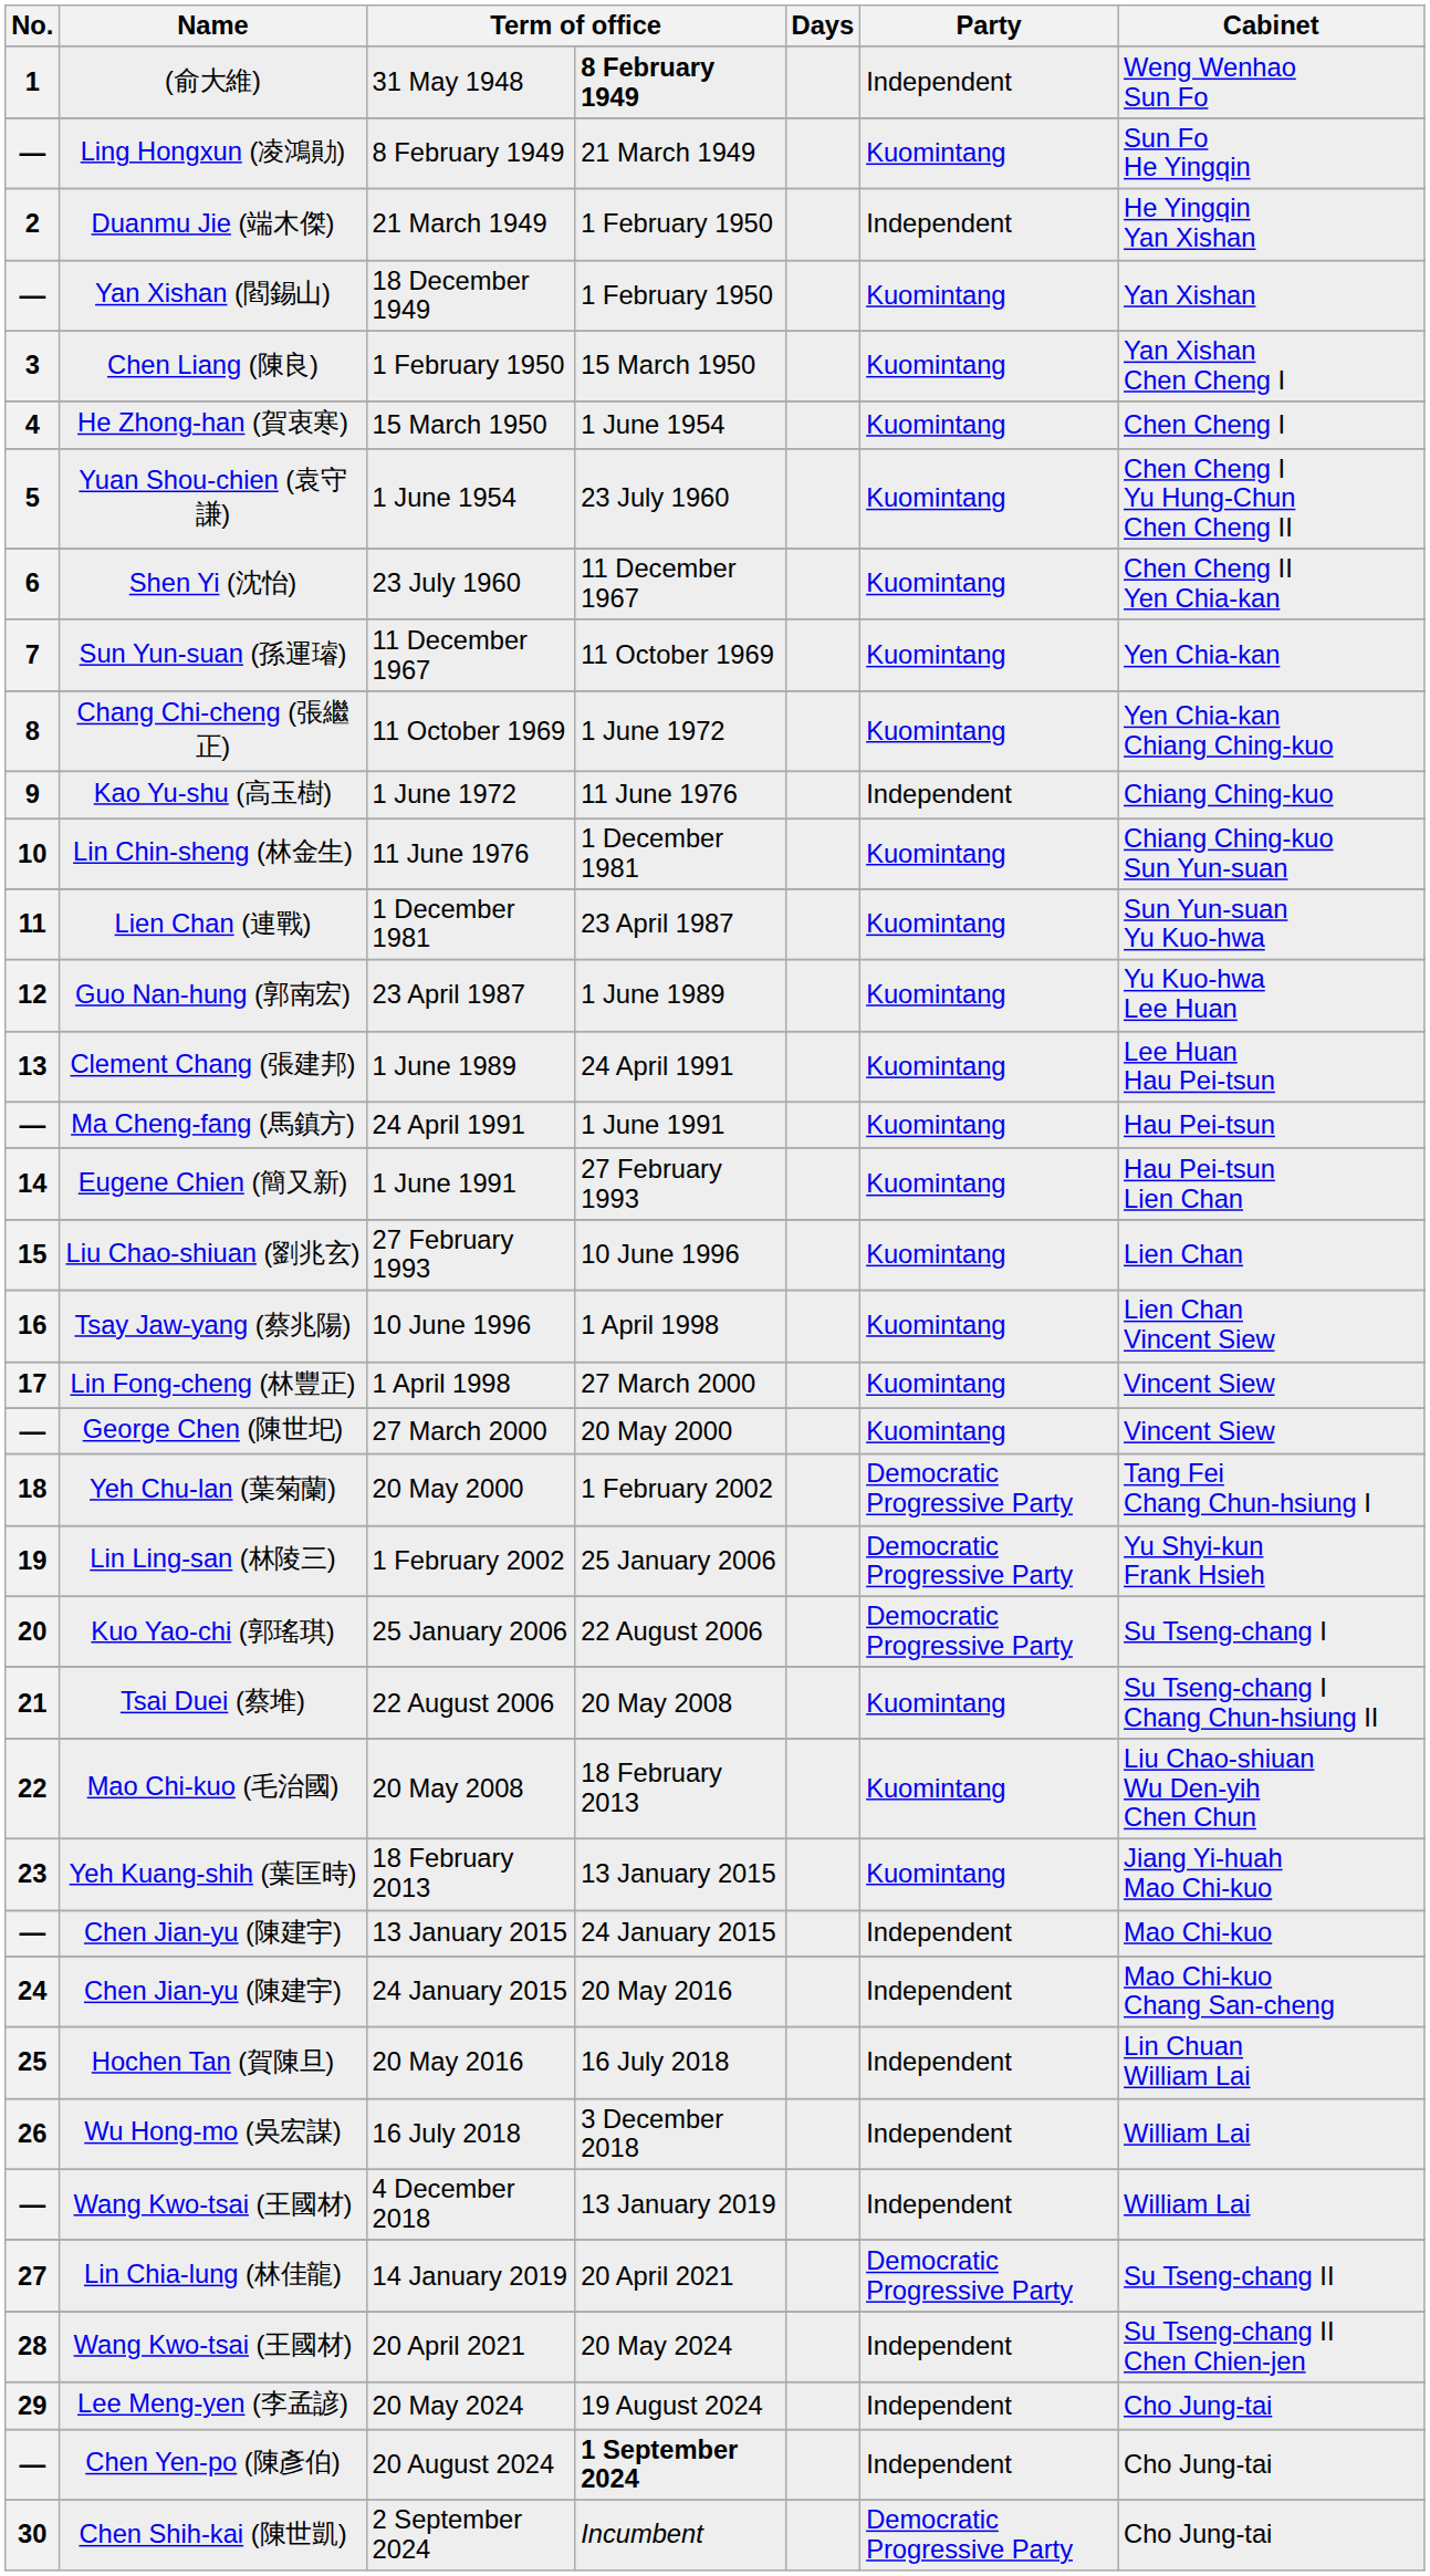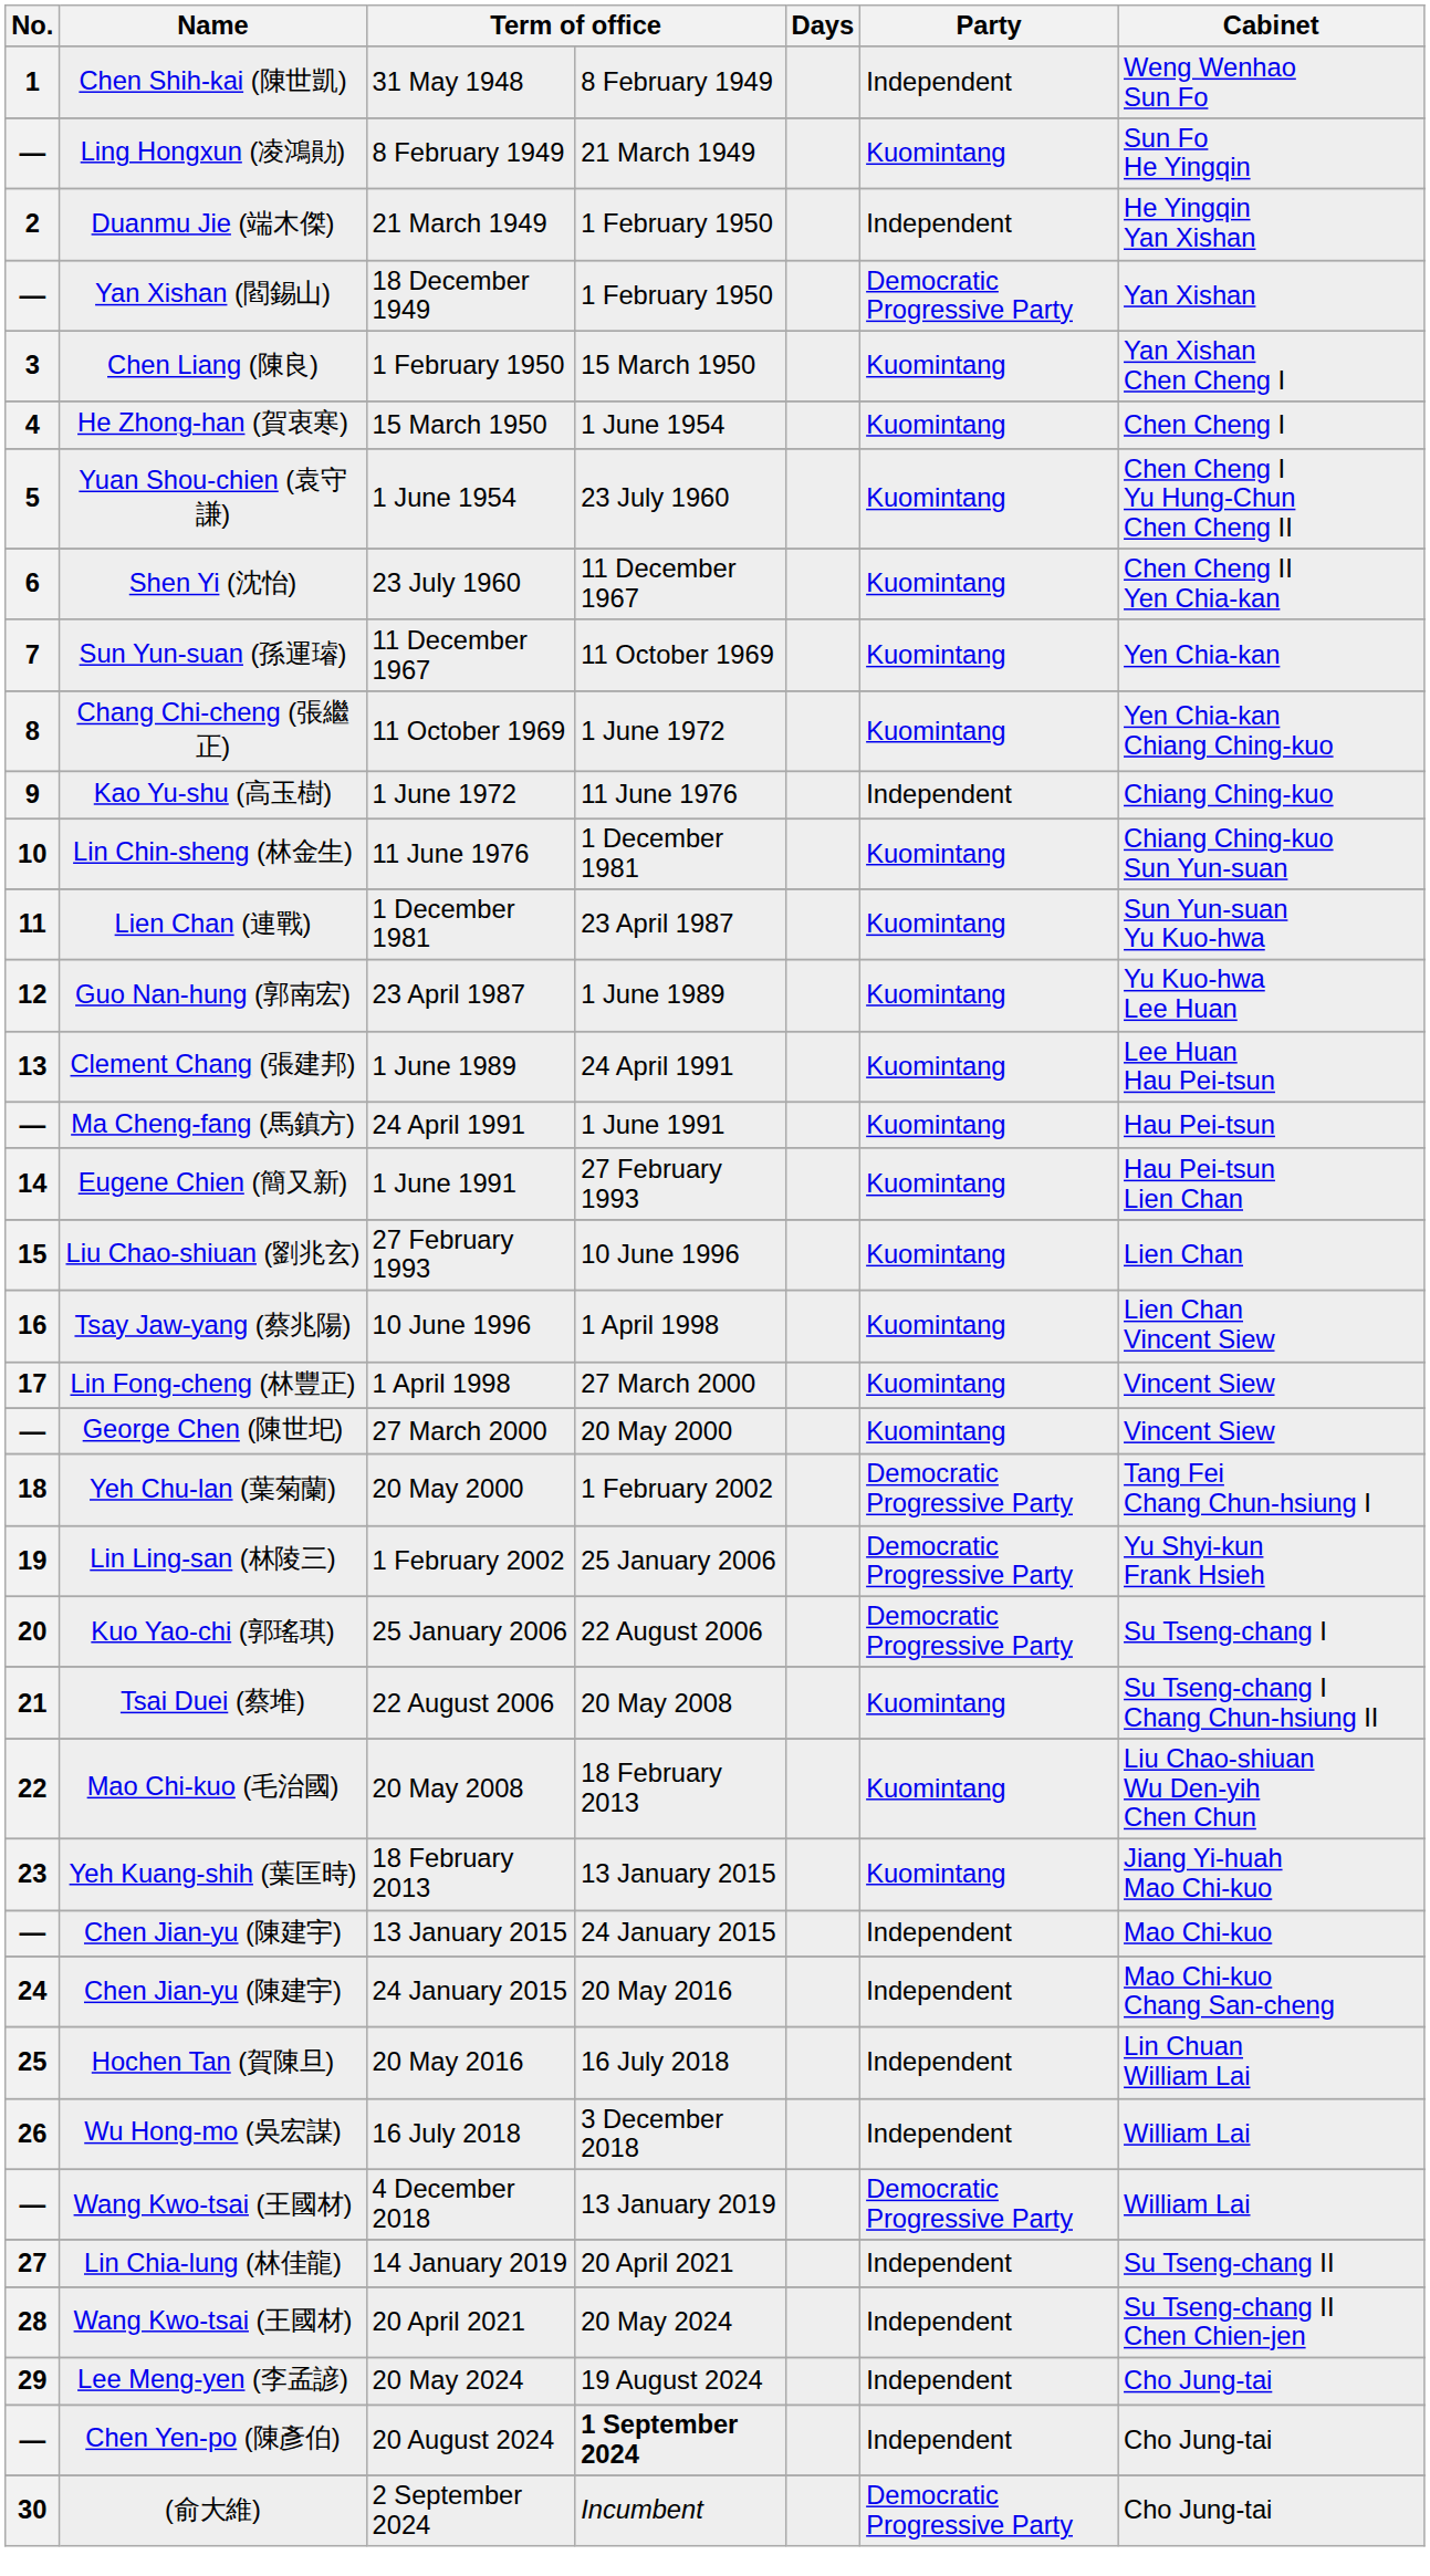 <table class="wikitable">
 <tr ->
 <th>No.</th>
 <th width="180">Name</th>
 <th colspan=2 width="180">Term of office</th>
 <th>Days</th>
 <th width="150">Party</th>
 <th width="180">Cabinet</th>
 </tr>
 <tr ->
 </tr>
 <tr - bgcolor=#EEEEEE>
 <th style="background:">1</th>
-<td align=center> (俞大維)</td>
+<td align=center><a href='#'>Chen Shih-kai</a> (陳世凱)</td>
 <td>31 May 1948</td>
-<td><strong>8 February 1949</strong></td>
+<td>8 February 1949</td>
 <td></td>
 <td>Independent</td>
 <td><a href='#'>Weng Wenhao</a><br><a href='#'>Sun Fo</a></td>
 </tr>
 <tr ->
 </tr>
 <tr - bgcolor=#EEEEEE>
 <th style="background:">—</th>
 <td align=center><a href='#'>Ling Hongxun</a> (凌鴻勛)</td>
 <td>8 February 1949</td>
 <td>21 March 1949</td>
 <td></td>
 <td><a href='#'>Kuomintang</a></td>
 <td><a href='#'>Sun Fo</a><br><a href='#'>He Yingqin</a></td>
 </tr>
 <tr ->
 </tr>
 <tr - bgcolor=#EEEEEE>
 <th style="background:">2</th>
 <td align=center><a href='#'>Duanmu Jie</a> (端木傑)</td>
 <td>21 March 1949</td>
 <td>1 February 1950</td>
 <td></td>
 <td>Independent</td>
 <td><a href='#'>He Yingqin</a><br><a href='#'>Yan Xishan</a></td>
 </tr>
 <tr ->
 </tr>
 <tr - bgcolor=#EEEEEE>
 <th style="background:">—</th>
 <td align=center><a href='#'>Yan Xishan</a> (閻錫山)</td>
 <td>18 December 1949</td>
 <td>1 February 1950</td>
 <td></td>
-<td><a href='#'>Kuomintang</a></td>
+<td><a href='#'>Democratic Progressive Party</a></td>
 <td><a href='#'>Yan Xishan</a></td>
 </tr>
 <tr ->
 </tr>
 <tr - bgcolor=#EEEEEE>
 <th style="background:">3</th>
 <td align=center><a href='#'>Chen Liang</a> (陳良)</td>
 <td>1 February 1950</td>
 <td>15 March 1950</td>
 <td></td>
 <td><a href='#'>Kuomintang</a></td>
 <td><a href='#'>Yan Xishan</a><br><a href='#'>Chen Cheng</a> I</td>
 </tr>
 <tr ->
 </tr>
 <tr - bgcolor=#EEEEEE>
 <th style="background:">4</th>
 <td align=center><a href='#'>He Zhong-han</a> (賀衷寒)</td>
 <td>15 March 1950</td>
 <td>1 June 1954</td>
 <td></td>
 <td><a href='#'>Kuomintang</a></td>
 <td><a href='#'>Chen Cheng</a> I</td>
 </tr>
 <tr ->
 </tr>
 <tr - bgcolor=#EEEEEE>
 <th style="background:">5</th>
 <td align=center><a href='#'>Yuan Shou-chien</a> (袁守謙)</td>
 <td>1 June 1954</td>
 <td>23 July 1960</td>
 <td></td>
 <td><a href='#'>Kuomintang</a></td>
 <td><a href='#'>Chen Cheng</a> I<br><a href='#'>Yu Hung-Chun</a><br><a href='#'>Chen Cheng</a> II</td>
 </tr>
 <tr ->
 </tr>
 <tr - bgcolor=#EEEEEE>
 <th style="background:">6</th>
 <td align=center><a href='#'>Shen Yi</a> (沈怡)</td>
 <td>23 July 1960</td>
 <td>11 December 1967</td>
 <td></td>
 <td><a href='#'>Kuomintang</a></td>
 <td><a href='#'>Chen Cheng</a> II<br><a href='#'>Yen Chia-kan</a></td>
 </tr>
 <tr ->
 </tr>
 <tr - bgcolor=#EEEEEE>
 <th style="background:">7</th>
 <td align=center><a href='#'>Sun Yun-suan</a> (孫運璿)</td>
 <td>11 December 1967</td>
 <td>11 October 1969</td>
 <td></td>
 <td><a href='#'>Kuomintang</a></td>
 <td><a href='#'>Yen Chia-kan</a></td>
 </tr>
 <tr ->
 </tr>
 <tr - bgcolor=#EEEEEE>
 <th style="background:">8</th>
 <td align=center><a href='#'>Chang Chi-cheng</a> (張繼正)</td>
 <td>11 October 1969</td>
 <td>1 June 1972</td>
 <td></td>
 <td><a href='#'>Kuomintang</a></td>
 <td><a href='#'>Yen Chia-kan</a><br><a href='#'>Chiang Ching-kuo</a></td>
 </tr>
 <tr ->
 </tr>
 <tr - bgcolor=#EEEEEE>
 <th style="background:">9</th>
 <td align=center><a href='#'>Kao Yu-shu</a> (高玉樹)</td>
 <td>1 June 1972</td>
 <td>11 June 1976</td>
 <td></td>
 <td>Independent</td>
 <td><a href='#'>Chiang Ching-kuo</a></td>
 </tr>
 <tr ->
 </tr>
 <tr - bgcolor=#EEEEEE>
 <th style="background:">10</th>
 <td align=center><a href='#'>Lin Chin-sheng</a> (林金生)</td>
 <td>11 June 1976</td>
 <td>1 December 1981</td>
 <td></td>
 <td><a href='#'>Kuomintang</a></td>
 <td><a href='#'>Chiang Ching-kuo</a><br><a href='#'>Sun Yun-suan</a></td>
 </tr>
 <tr ->
 </tr>
 <tr - bgcolor=#EEEEEE>
 <th style="background:">11</th>
 <td align=center><a href='#'>Lien Chan</a> (連戰)</td>
 <td>1 December 1981</td>
 <td>23 April 1987</td>
 <td></td>
 <td><a href='#'>Kuomintang</a></td>
 <td><a href='#'>Sun Yun-suan</a><br><a href='#'>Yu Kuo-hwa</a></td>
 </tr>
 <tr ->
 </tr>
 <tr - bgcolor=#EEEEEE>
 <th style="background:">12</th>
 <td align=center><a href='#'>Guo Nan-hung</a> (郭南宏)</td>
 <td>23 April 1987</td>
 <td>1 June 1989</td>
 <td></td>
 <td><a href='#'>Kuomintang</a></td>
 <td><a href='#'>Yu Kuo-hwa</a><br><a href='#'>Lee Huan</a></td>
 </tr>
 <tr ->
 </tr>
 <tr - bgcolor=#EEEEEE>
 <th style="background:">13</th>
 <td align=center><a href='#'>Clement Chang</a> (張建邦)</td>
 <td>1 June 1989</td>
 <td>24 April 1991</td>
 <td></td>
 <td><a href='#'>Kuomintang</a></td>
 <td><a href='#'>Lee Huan</a><br><a href='#'>Hau Pei-tsun</a></td>
 </tr>
 <tr ->
 </tr>
 <tr - bgcolor=#EEEEEE>
 <th style="background:">—</th>
 <td align=center><a href='#'>Ma Cheng-fang</a> (馬鎮方)</td>
 <td>24 April 1991</td>
 <td>1 June 1991</td>
 <td></td>
 <td><a href='#'>Kuomintang</a></td>
 <td><a href='#'>Hau Pei-tsun</a></td>
 </tr>
 <tr ->
 </tr>
 <tr - bgcolor=#EEEEEE>
 <th style="background:">14</th>
 <td align=center><a href='#'>Eugene Chien</a> (簡又新)</td>
 <td>1 June 1991</td>
 <td>27 February 1993</td>
 <td></td>
 <td><a href='#'>Kuomintang</a></td>
 <td><a href='#'>Hau Pei-tsun</a><br><a href='#'>Lien Chan</a></td>
 </tr>
 <tr ->
 </tr>
 <tr - bgcolor=#EEEEEE>
 <th style="background:">15</th>
 <td align=center><a href='#'>Liu Chao-shiuan</a> (劉兆玄)</td>
 <td>27 February 1993</td>
 <td>10  June 1996</td>
 <td></td>
 <td><a href='#'>Kuomintang</a></td>
 <td><a href='#'>Lien Chan</a></td>
 </tr>
 <tr ->
 </tr>
 <tr - bgcolor=#EEEEEE>
 <th style="background:">16</th>
 <td align=center><a href='#'>Tsay Jaw-yang</a> (蔡兆陽)</td>
 <td>10 June 1996</td>
 <td>1 April 1998</td>
 <td></td>
 <td><a href='#'>Kuomintang</a></td>
 <td><a href='#'>Lien Chan</a><br><a href='#'>Vincent Siew</a></td>
 </tr>
 <tr ->
 </tr>
 <tr - bgcolor=#EEEEEE>
 <th style="background:">17</th>
 <td align=center><a href='#'>Lin Fong-cheng</a> (林豐正)</td>
 <td>1 April 1998</td>
 <td>27 March 2000</td>
 <td></td>
 <td><a href='#'>Kuomintang</a></td>
 <td><a href='#'>Vincent Siew</a></td>
 </tr>
 <tr ->
 </tr>
 <tr - bgcolor=#EEEEEE>
 <th style="background:">—</th>
 <td align=center><a href='#'>George Chen</a> (陳世圯)</td>
 <td>27 March 2000</td>
 <td>20 May 2000</td>
 <td></td>
 <td><a href='#'>Kuomintang</a></td>
 <td><a href='#'>Vincent Siew</a></td>
 </tr>
 <tr ->
 </tr>
 <tr - bgcolor=#EEEEEE>
 <th style="background:">18</th>
 <td align=center><a href='#'>Yeh Chu-lan</a> (葉菊蘭)</td>
 <td>20 May 2000</td>
 <td>1 February 2002</td>
 <td></td>
 <td><a href='#'>Democratic Progressive Party</a></td>
 <td><a href='#'>Tang Fei</a><br><a href='#'>Chang Chun-hsiung</a> I</td>
 </tr>
 <tr ->
 </tr>
 <tr - bgcolor=#EEEEEE>
 <th style="background:">19</th>
 <td align=center><a href='#'>Lin Ling-san</a> (林陵三)</td>
 <td>1 February 2002</td>
 <td>25 January 2006</td>
 <td></td>
 <td><a href='#'>Democratic Progressive Party</a></td>
 <td><a href='#'>Yu Shyi-kun</a><br><a href='#'>Frank Hsieh</a></td>
 </tr>
 <tr ->
 </tr>
 <tr - bgcolor=#EEEEEE>
 <th style="background:">20</th>
 <td align=center><a href='#'>Kuo Yao-chi</a> (郭瑤琪)</td>
 <td>25 January 2006</td>
 <td>22 August 2006</td>
 <td></td>
 <td><a href='#'>Democratic Progressive Party</a></td>
 <td><a href='#'>Su Tseng-chang</a> I</td>
 </tr>
 <tr ->
 </tr>
 <tr - bgcolor=#EEEEEE>
 <th style="background:">21</th>
 <td align=center><a href='#'>Tsai Duei</a> (蔡堆)</td>
 <td>22 August 2006</td>
 <td>20 May 2008</td>
 <td></td>
 <td><a href='#'>Kuomintang</a></td>
 <td><a href='#'>Su Tseng-chang</a> I<br><a href='#'>Chang Chun-hsiung</a> II</td>
 </tr>
 <tr ->
 </tr>
 <tr - bgcolor=#EEEEEE>
 <th style="background:">22</th>
 <td align=center><a href='#'>Mao Chi-kuo</a> (毛治國)</td>
 <td>20 May 2008</td>
 <td>18 February 2013</td>
 <td></td>
 <td><a href='#'>Kuomintang</a></td>
 <td><a href='#'>Liu Chao-shiuan</a><br><a href='#'>Wu Den-yih</a><br><a href='#'>Chen Chun</a></td>
 </tr>
 <tr ->
 </tr>
 <tr - bgcolor=#EEEEEE>
 <th style="background:">23</th>
 <td align=center><a href='#'>Yeh Kuang-shih</a> (葉匡時)</td>
 <td>18 February 2013</td>
 <td>13 January 2015</td>
 <td></td>
 <td><a href='#'>Kuomintang</a></td>
 <td><a href='#'>Jiang Yi-huah</a><br><a href='#'>Mao Chi-kuo</a></td>
 </tr>
 <tr ->
 </tr>
 <tr - bgcolor=#EEEEEE>
 <th style="background:">—</th>
 <td align=center><a href='#'>Chen Jian-yu</a> (陳建宇)</td>
 <td>13 January 2015</td>
 <td>24 January 2015</td>
 <td></td>
 <td>Independent</td>
 <td><a href='#'>Mao Chi-kuo</a></td>
 </tr>
 <tr ->
 </tr>
 <tr - bgcolor=#EEEEEE>
 <th style="background:">24</th>
 <td align=center><a href='#'>Chen Jian-yu</a> (陳建宇)</td>
 <td>24 January 2015</td>
 <td>20 May 2016</td>
 <td></td>
 <td>Independent</td>
 <td><a href='#'>Mao Chi-kuo</a><br><a href='#'>Chang San-cheng</a></td>
 </tr>
 <tr ->
 </tr>
 <tr - bgcolor=#EEEEEE>
 <th style="background:">25</th>
 <td align=center><a href='#'>Hochen Tan</a> (賀陳旦)</td>
 <td>20 May 2016</td>
 <td>16 July 2018</td>
 <td></td>
 <td>Independent</td>
 <td><a href='#'>Lin Chuan</a><br><a href='#'>William Lai</a></td>
 </tr>
 <tr ->
 </tr>
 <tr - bgcolor=#EEEEEE>
 <th style="background:">26</th>
 <td align=center><a href='#'>Wu Hong-mo</a> (吳宏謀)</td>
 <td>16 July 2018</td>
 <td>3 December 2018</td>
 <td></td>
 <td>Independent</td>
 <td><a href='#'>William Lai</a></td>
 </tr>
 <tr ->
 </tr>
 <tr - bgcolor=#EEEEEE>
 <th style="background:">—</th>
 <td align=center><a href='#'>Wang Kwo-tsai</a> (王國材)</td>
 <td>4 December 2018</td>
 <td>13 January 2019</td>
 <td></td>
-<td>Independent</td>
+<td><a href='#'>Democratic Progressive Party</a></td>
 <td><a href='#'>William Lai</a></td>
 </tr>
 <tr ->
 </tr>
 <tr - bgcolor=#EEEEEE>
 <th style="background:">27</th>
 <td align=center><a href='#'>Lin Chia-lung</a> (林佳龍)</td>
 <td>14 January 2019</td>
 <td>20 April 2021</td>
 <td></td>
-<td><a href='#'>Democratic Progressive Party</a></td>
+<td>Independent</td>
 <td><a href='#'>Su Tseng-chang</a> II</td>
 </tr>
 <tr ->
 </tr>
 <tr - bgcolor=#EEEEEE>
 <th style="background:">28</th>
 <td align=center><a href='#'>Wang Kwo-tsai</a> (王國材)</td>
 <td>20 April 2021</td>
 <td>20 May 2024</td>
 <td></td>
 <td>Independent</td>
 <td><a href='#'>Su Tseng-chang</a> II<br><a href='#'>Chen Chien-jen</a></td>
 </tr>
 <tr ->
 </tr>
 <tr - bgcolor=#EEEEEE>
 <th style="background:">29</th>
 <td align=center><a href='#'>Lee Meng-yen</a> (李孟諺)</td>
 <td>20 May 2024</td>
 <td>19 August 2024</td>
 <td></td>
 <td>Independent</td>
 <td><a href='#'>Cho Jung-tai</a></td>
 </tr>
 <tr ->
 </tr>
 <tr - bgcolor=#EEEEEE>
 <th style="background:">—</th>
 <td align=center><a href='#'>Chen Yen-po</a> (陳彥伯)</td>
 <td>20 August 2024</td>
 <td><strong>1 September 2024</strong></td>
 <td></td>
 <td>Independent</td>
 <td>Cho Jung-tai</td>
 </tr>
 <tr ->
 </tr>
 <tr ->
 </tr>
 <tr - bgcolor=#EEEEEE>
 <th style="background:">30</th>
-<td align=center><a href='#'>Chen Shih-kai</a> (陳世凱)</td>
+<td align=center> (俞大維)</td>
 <td>2 September 2024</td>
 <td><em>Incumbent</em></td>
 <td></td>
 <td><a href='#'>Democratic Progressive Party</a></td>
 <td>Cho Jung-tai</td>
 </tr>
 </table>
